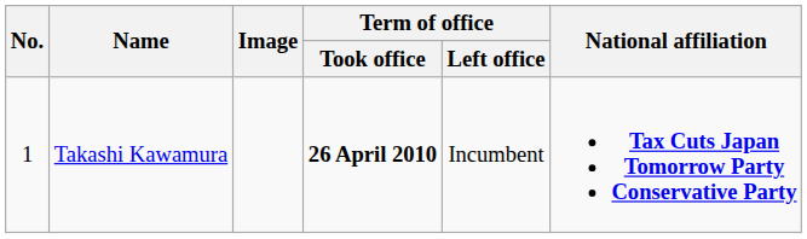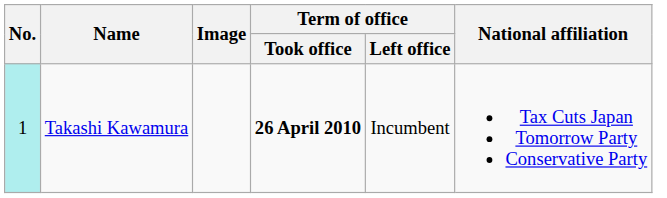 <table class="wikitable"  style="text-align:center">
 <tr>
 <th rowspan=2>No.</th>
 <th rowspan=2>Name</th>
 <th rowspan="2">Image</th>
 <th colspan=2>Term of office</th>
 <th rowspan=2>National affiliation</th>
 </tr>
 <tr>
 <th>Took office</th>
 <th>Left office</th>
 </tr>
 <tr>
-<td>1</td>
+<td style="background: paleturquoise;">1</td>
 <td><a href='#'>Takashi Kawamura</a></td>
 <td></td>
 <td><strong>26 April 2010</strong></td>
 <td>Incumbent</td>
-<td><strong><br><ul><li><a href='#'>Tax Cuts Japan</a> </li><li><a href='#'>Tomorrow Party</a> </li><li><a href='#'>Conservative Party</a> </li></ul></strong></td>
+<td><br><ul><li><a href='#'>Tax Cuts Japan</a> </li><li><a href='#'>Tomorrow Party</a> </li><li><a href='#'>Conservative Party</a> </li></ul></td>
 </tr>
 </table>
